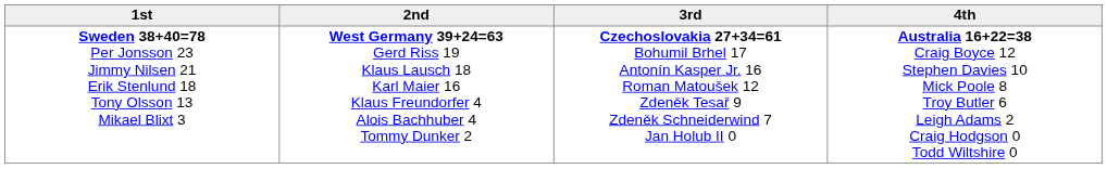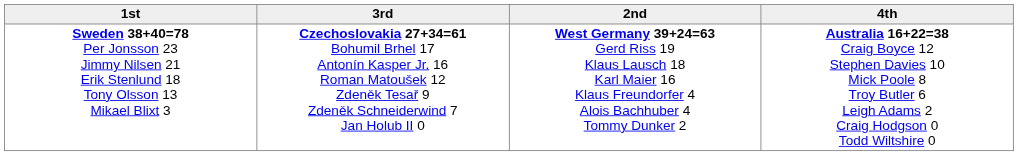 <table border=1 cellpadding=2 cellspacing=0 width=75% style="border-collapse:collapse">
 <tr align=center style="background:#efefef;">
 <th width=20% >1st</th>
+<th width=20% >3rd</th>
 <th width=20% >2nd</th>
-<th width=20% >3rd</th>
 <th width=20%>4th</th>
 </tr>
 <tr align=center>
 <td valign=top ><strong><a href='#'>Sweden</a> 38+40=78</strong><br><a href='#'>Per Jonsson</a> 23<br><a href='#'>Jimmy Nilsen</a> 21<br><a href='#'>Erik Stenlund</a> 18<br><a href='#'>Tony Olsson</a> 13<br><a href='#'>Mikael Blixt</a> 3</td>
+<td valign=top ><strong><a href='#'>Czechoslovakia</a> 27+34=61</strong><br><a href='#'>Bohumil Brhel</a> 17<br><a href='#'>Antonín Kasper Jr.</a> 16<br><a href='#'>Roman Matoušek</a> 12<br><a href='#'>Zdeněk Tesař</a> 9<br><a href='#'>Zdeněk Schneiderwind</a> 7<br><a href='#'>Jan Holub II</a> 0</td>
 <td valign=top ><strong><a href='#'>West Germany</a> 39+24=63</strong><br><a href='#'>Gerd Riss</a> 19<br><a href='#'>Klaus Lausch</a> 18<br><a href='#'>Karl Maier</a> 16<br><a href='#'>Klaus Freundorfer</a> 4<br><a href='#'>Alois Bachhuber</a> 4<br><a href='#'>Tommy Dunker</a> 2</td>
-<td valign=top ><strong><a href='#'>Czechoslovakia</a> 27+34=61</strong><br><a href='#'>Bohumil Brhel</a> 17<br><a href='#'>Antonín Kasper Jr.</a> 16<br><a href='#'>Roman Matoušek</a> 12<br><a href='#'>Zdeněk Tesař</a> 9<br><a href='#'>Zdeněk Schneiderwind</a> 7<br><a href='#'>Jan Holub II</a> 0</td>
 <td valign=top><strong><a href='#'>Australia</a> 16+22=38</strong><br><a href='#'>Craig Boyce</a> 12<br><a href='#'>Stephen Davies</a> 10<br><a href='#'>Mick Poole</a> 8<br><a href='#'>Troy Butler</a> 6<br><a href='#'>Leigh Adams</a> 2<br><a href='#'>Craig Hodgson</a> 0<br><a href='#'>Todd Wiltshire</a> 0</td>
 </tr>
 </table>
